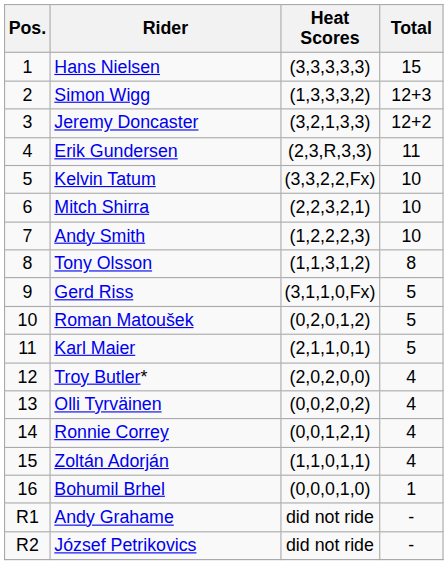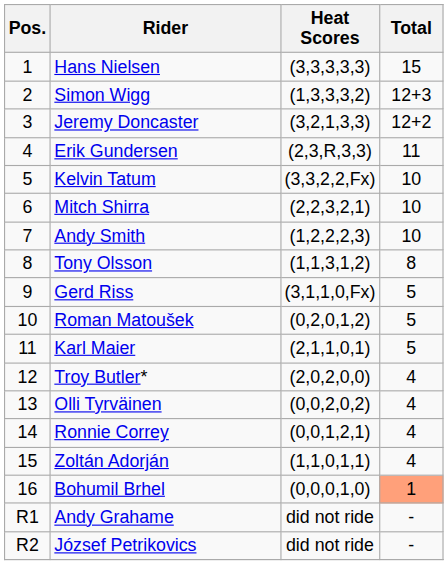 <table class=wikitable>
 <tr>
 <th width=25px>Pos.</th>
 <th width=200px>Rider</th>
 <th width=70px>Heat Scores</th>
 <th width=50px>Total</th>
 </tr>
 <tr align=center >
 <td>1</td>
 <td align=left> <a href='#'>Hans Nielsen</a></td>
 <td>(3,3,3,3,3)</td>
 <td>15</td>
 </tr>
 <tr align=center >
 <td>2</td>
 <td align=left> <a href='#'>Simon Wigg</a></td>
 <td>(1,3,3,3,2)</td>
 <td>12+3</td>
 </tr>
 <tr align=center >
 <td>3</td>
 <td align=left> <a href='#'>Jeremy Doncaster</a></td>
 <td>(3,2,1,3,3)</td>
 <td>12+2</td>
 </tr>
 <tr align=center>
 <td>4</td>
 <td align=left> <a href='#'>Erik Gundersen</a></td>
 <td>(2,3,R,3,3)</td>
 <td>11</td>
 </tr>
 <tr align=center>
 <td>5</td>
 <td align=left> <a href='#'>Kelvin Tatum</a></td>
 <td>(3,3,2,2,Fx)</td>
 <td>10</td>
 </tr>
 <tr align=center>
 <td>6</td>
 <td align=left> <a href='#'>Mitch Shirra</a></td>
 <td>(2,2,3,2,1)</td>
 <td>10</td>
 </tr>
 <tr align=center>
 <td>7</td>
 <td align=left> <a href='#'>Andy Smith</a></td>
 <td>(1,2,2,2,3)</td>
 <td>10</td>
 </tr>
 <tr align=center>
 <td>8</td>
 <td align=left> <a href='#'>Tony Olsson</a></td>
 <td>(1,1,3,1,2)</td>
 <td>8</td>
 </tr>
 <tr align=center>
 <td>9</td>
 <td align=left> <a href='#'>Gerd Riss</a></td>
 <td>(3,1,1,0,Fx)</td>
 <td>5</td>
 </tr>
 <tr align=center>
 <td>10</td>
 <td align=left> <a href='#'>Roman Matoušek</a></td>
 <td>(0,2,0,1,2)</td>
 <td>5</td>
 </tr>
 <tr align=center>
 <td>11</td>
 <td align=left> <a href='#'>Karl Maier</a></td>
 <td>(2,1,1,0,1)</td>
 <td>5</td>
 </tr>
 <tr align=center>
 <td>12</td>
 <td align=left> <a href='#'>Troy Butler</a>*</td>
 <td>(2,0,2,0,0)</td>
 <td>4</td>
 </tr>
 <tr align=center>
 <td>13</td>
 <td align=left> <a href='#'>Olli Tyrväinen</a></td>
 <td>(0,0,2,0,2)</td>
 <td>4</td>
 </tr>
 <tr align=center>
 <td>14</td>
 <td align=left> <a href='#'>Ronnie Correy</a></td>
 <td>(0,0,1,2,1)</td>
 <td>4</td>
 </tr>
 <tr align=center>
 <td>15</td>
 <td align=left> <a href='#'>Zoltán Adorján</a></td>
 <td>(1,1,0,1,1)</td>
 <td>4</td>
 </tr>
 <tr align=center>
 <td>16</td>
 <td align=left> <a href='#'>Bohumil Brhel</a></td>
 <td>(0,0,0,1,0)</td>
-<td>1</td>
+<td style="background: lightsalmon;">1</td>
 </tr>
 <tr align=center>
 <td>R1</td>
 <td align=left> <a href='#'>Andy Grahame</a></td>
 <td>did not ride</td>
 <td>-</td>
 </tr>
 <tr align=center>
 <td>R2</td>
 <td align=left> <a href='#'>József Petrikovics</a></td>
 <td>did not ride</td>
 <td>-</td>
 </tr>
 <tr align=center>
 </tr>
 </table>
